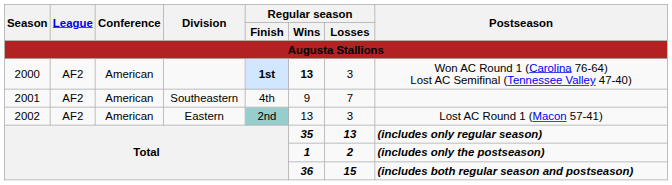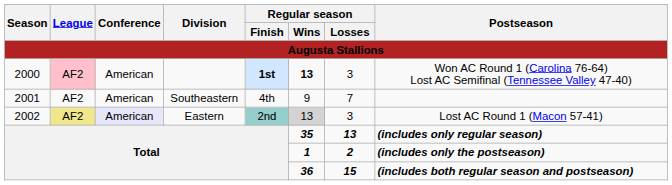 <table class="wikitable" style="font-size: 95%; width:70%;">
 <tr>
 <th rowspan="2" style="width:5%;">Season</th>
 <th rowspan="2" style="width:5%;"><a href='#'>League</a></th>
 <th rowspan="2" style="width:5%;">Conference</th>
 <th rowspan="2">Division</th>
 <th colspan="3">Regular season</th>
 <th rowspan="2">Postseason</th>
 </tr>
 <tr>
 <th>Finish</th>
 <th>Wins</th>
 <th>Losses</th>
 </tr>
 <tr>
 <td Colspan="8" align="center" bgcolor="#B22222"><span><strong>Augusta Stallions</strong></span></td>
 </tr>
 <tr align="center">
 <td>2000</td>
-<td>AF2</td>
+<td style="background: pink;">AF2</td>
 <td>American</td>
 <td></td>
 <td bgcolor="#D0E7FF"><strong>1st</strong></td>
 <td><strong>13</strong></td>
 <td>3</td>
 <td>Won AC Round 1 (<a href='#'>Carolina</a> 76-64)<br> Lost AC Semifinal (<a href='#'>Tennessee Valley</a> 47-40)</td>
 </tr>
 <tr align="center">
 <td>2001</td>
 <td>AF2</td>
 <td>American</td>
 <td>Southeastern</td>
 <td>4th</td>
 <td>9</td>
 <td>7</td>
 <td></td>
 </tr>
 <tr align="center">
 <td>2002</td>
-<td>AF2</td>
-<td>American</td>
+<td style="background: khaki;">AF2</td>
+<td style="background: lavender;">American</td>
 <td>Eastern</td>
 <td bgcolor="#96CDCD">2nd</td>
-<td>13</td>
+<td style="background: lightgrey;">13</td>
 <td>3</td>
 <td>Lost AC Round 1 (<a href='#'>Macon</a> 57-41)</td>
 </tr>
 <tr>
 <th align="center" rowspan="3" colspan="5">Total</th>
 <td align = "center"><strong><em>35</em></strong></td>
 <td align = "center"><strong><em>13</em></strong></td>
 <td colspan="2"><strong><em>(includes only regular season)</em></strong></td>
 </tr>
 <tr>
 <td align="center"><strong><em>1</em></strong></td>
 <td align="center"><strong><em>2</em></strong></td>
 <td colspan="2"><strong><em>(includes only the postseason)</em></strong></td>
 </tr>
 <tr>
 <td align="center"><strong><em>36</em></strong></td>
 <td align="center"><strong><em>15</em></strong></td>
 <td colspan="2"><strong><em>(includes both regular season and postseason)</em></strong></td>
 </tr>
 </table>
